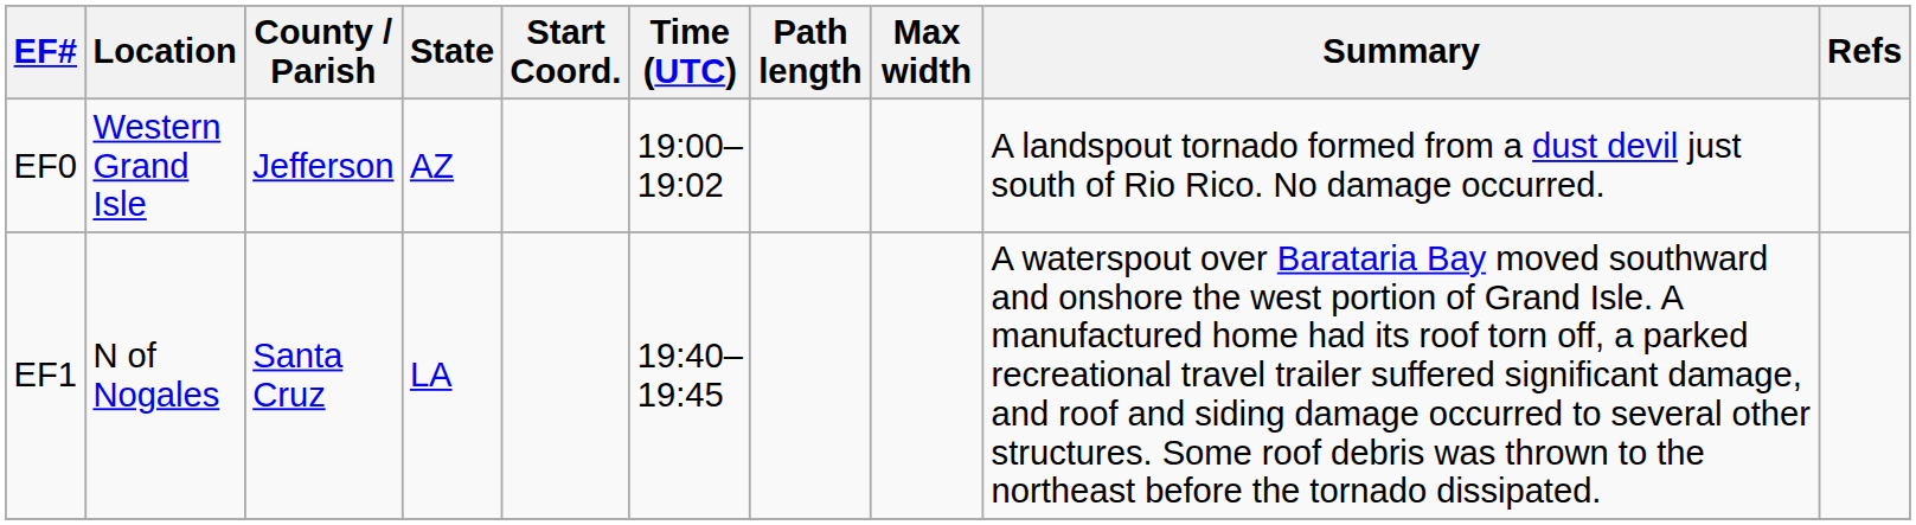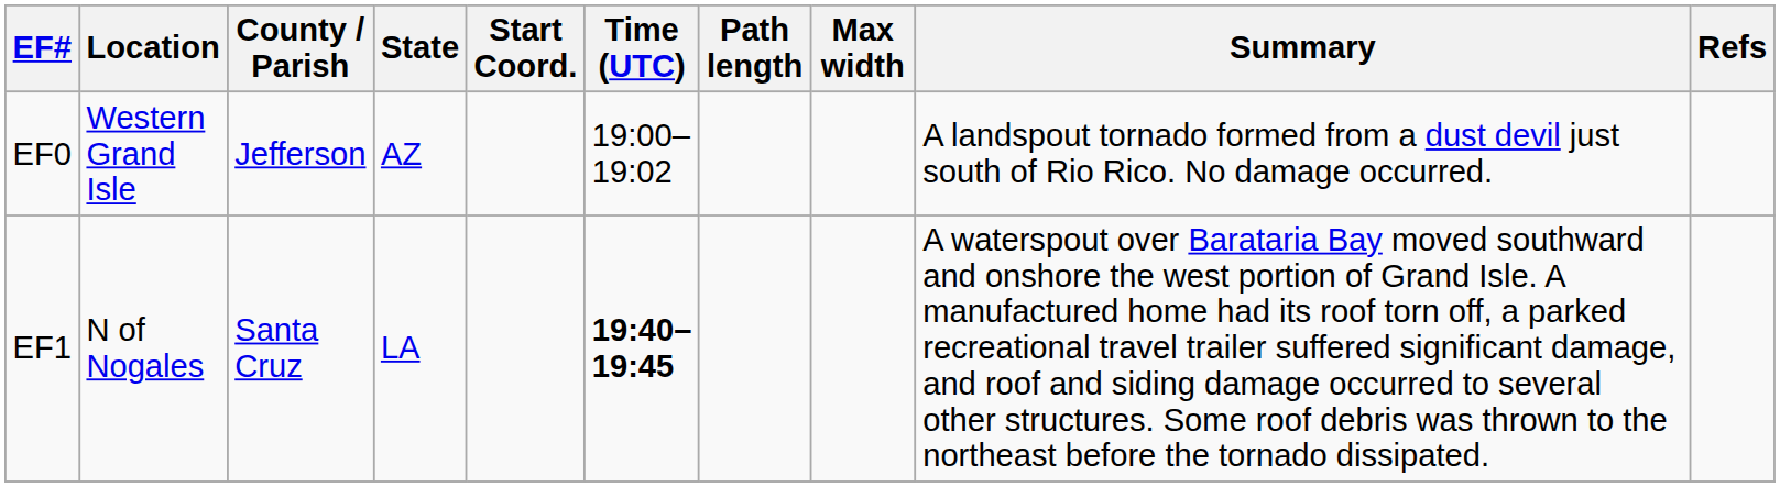 <table class="wikitable sortable" style="width:100%;">
 <tr>
 <th scope="col"  style="width:3%; text-align:center;"><a href='#'>EF#</a></th>
 <th scope="col"  style="width:7%; text-align:center;" class="unsortable">Location</th>
 <th scope="col"  style="width:6%; text-align:center;" class="unsortable">County / Parish</th>
 <th scope="col"  style="width:5%; text-align:center;">State</th>
 <th scope="col"  style="width:6%; text-align:center;">Start Coord.</th>
 <th scope="col"  style="width:6%; text-align:center;">Time (<a href='#'>UTC</a>)</th>
 <th scope="col"  style="width:6%; text-align:center;">Path length</th>
 <th scope="col"  style="width:6%; text-align:center;">Max width</th>
 <th scope="col" class="unsortable" style="width:48%; text-align:center;">Summary</th>
 <th scope="col" class="unsortable" style="width:3%; text-align:center;">Refs</th>
 </tr>
 <tr>
 <td>EF0</td>
 <td><a href='#'>Western Grand Isle</a></td>
 <td><a href='#'>Jefferson</a></td>
 <td><a href='#'>AZ</a></td>
 <td></td>
 <td>19:00–19:02</td>
 <td></td>
 <td></td>
 <td>A landspout tornado formed from a <a href='#'>dust devil</a> just south of Rio Rico. No damage occurred.</td>
 <td></td>
 </tr>
 <tr>
 <td>EF1</td>
 <td>N of <a href='#'>Nogales</a></td>
 <td><a href='#'>Santa Cruz</a></td>
 <td><a href='#'>LA</a></td>
 <td></td>
-<td>19:40–19:45</td>
+<td><strong>19:40–19:45</strong></td>
 <td></td>
 <td></td>
 <td>A waterspout over <a href='#'>Barataria Bay</a> moved southward and onshore the west portion of Grand Isle. A manufactured home had its roof torn off, a parked recreational travel trailer suffered significant damage, and roof and siding damage occurred to several other structures. Some roof debris was thrown  to the northeast before the tornado dissipated.</td>
 <td></td>
 </tr>
 <tr>
 </tr>
 </table>
